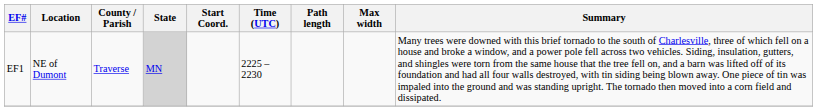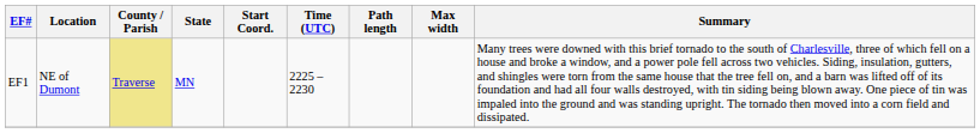 <table class="wikitable sortable" style="width:100%;">
 <tr>
 <th scope="col" width="3%" align="center"><a href='#'>EF#</a></th>
 <th scope="col" width="7%" align="center" class="unsortable">Location</th>
 <th scope="col" width="6%" align="center" class="unsortable">County / Parish</th>
 <th scope="col" width="5%" align="center">State</th>
 <th scope="col" width="6%" align="center">Start Coord.</th>
 <th scope="col" width="6%" align="center">Time (<a href='#'>UTC</a>)</th>
 <th scope="col" width="6%" align="center">Path length</th>
 <th scope="col" width="6%" align="center">Max width</th>
 <th scope="col" width="48%" class="unsortable" align="center">Summary</th>
 </tr>
 <tr>
 <td>EF1</td>
 <td>NE of <a href='#'>Dumont</a></td>
-<td><a href='#'>Traverse</a></td>
-<td style="background: lightgrey;"><a href='#'>MN</a></td>
+<td style="background: khaki;"><a href='#'>Traverse</a></td>
+<td><a href='#'>MN</a></td>
 <td></td>
 <td>2225 – 2230</td>
 <td></td>
 <td></td>
 <td>Many trees were downed with this brief tornado to the south of <a href='#'>Charlesville</a>, three of which fell on a house and broke a window, and a power pole fell across two vehicles. Siding, insulation, gutters, and shingles were torn from the same house that the tree fell on, and a barn was lifted off of its foundation and had all four walls destroyed, with tin siding being blown  away. One piece of tin was impaled  into the ground and was standing upright. The tornado then moved into a corn field and dissipated.</td>
 </tr>
 <tr>
 </tr>
 </table>
